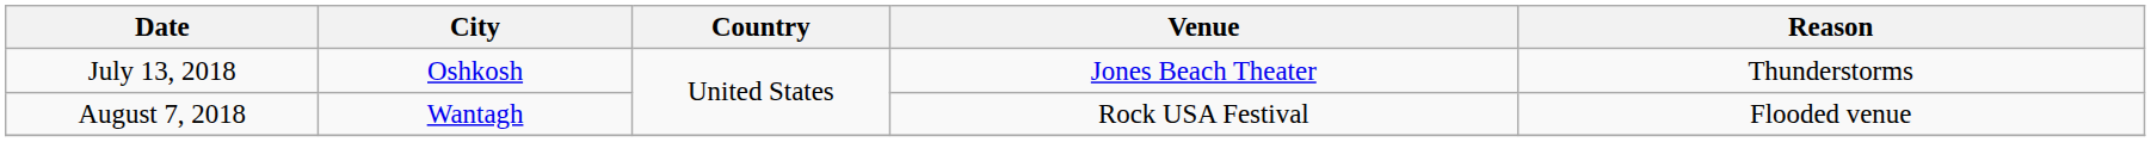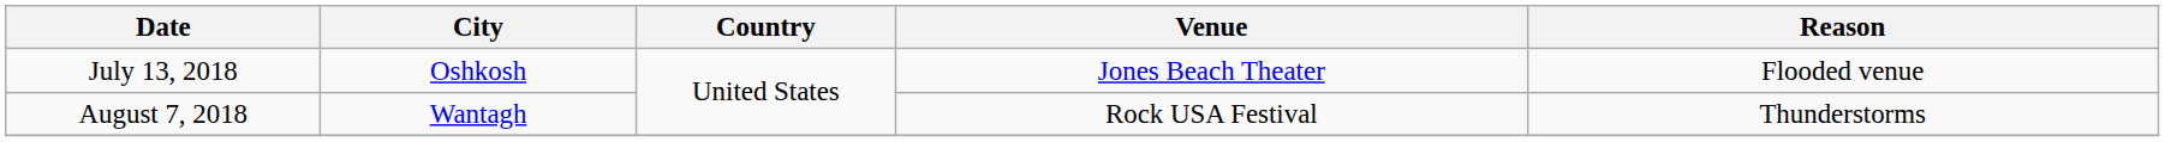 <table class="wikitable" style="text-align:center;">
 <tr>
 <th scope="col" style="width:11em;">Date</th>
 <th scope="col" style="width:11em;">City</th>
 <th scope="col" style="width:9em;">Country</th>
 <th scope="col" style="width:22.5em;">Venue</th>
 <th scope="col" style="width:22.5em;">Reason</th>
 </tr>
 <tr>
 <td>July 13, 2018</td>
 <td><a href='#'>Oshkosh</a></td>
 <td rowspan="2">United States</td>
 <td><a href='#'>Jones Beach Theater</a></td>
-<td>Thunderstorms</td>
+<td>Flooded venue</td>
 </tr>
 <tr>
 <td>August 7, 2018</td>
 <td><a href='#'>Wantagh</a></td>
 <td>Rock USA Festival</td>
-<td>Flooded venue</td>
+<td>Thunderstorms</td>
 </tr>
 <tr>
 </tr>
 </table>
